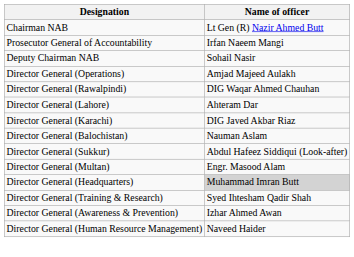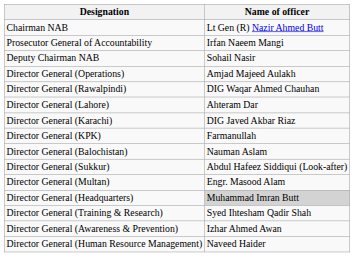 <table class="wikitable">
 <tr>
 <th align=center>Designation</th>
 <th align=center>Name of officer</th>
 </tr>
 <tr>
 <td>Chairman NAB</td>
 <td>Lt Gen (R) <a href='#'>Nazir Ahmed Butt</a></td>
 </tr>
 <tr>
 <td>Prosecutor General of Accountability</td>
 <td>Irfan Naeem Mangi </td>
 </tr>
 <tr>
 <td>Deputy Chairman NAB</td>
 <td>Sohail Nasir</td>
 </tr>
 <tr>
 <td>Director General (Operations)</td>
 <td>Amjad Majeed Aulakh </td>
 </tr>
 <tr>
 <td>Director General (Rawalpindi)</td>
 <td>DIG Waqar Ahmed Chauhan</td>
 </tr>
 <tr>
 <td>Director General (Lahore)</td>
 <td>Ahteram Dar </td>
 </tr>
 <tr>
 <td>Director General (Karachi)</td>
 <td>DIG Javed Akbar Riaz </td>
 </tr>
 <tr>
+<td>Director General (KPK)</td>
+<td>Farmanullah</td>
+</tr>
+<tr>
 <td>Director General (Balochistan)</td>
 <td>Nauman Aslam </td>
 </tr>
 <tr>
 <td>Director General (Sukkur)</td>
 <td>Abdul Hafeez Siddiqui (Look-after)</td>
 </tr>
 <tr>
 <td>Director General (Multan)</td>
 <td>Engr. Masood Alam </td>
 </tr>
 <tr>
 <td>Director General (Headquarters)</td>
 <td style="background: lightgrey;">Muhammad Imran Butt</td>
 </tr>
 <tr>
 <td>Director General (Training & Research)</td>
 <td>Syed Ihtesham Qadir Shah</td>
 </tr>
 <tr>
 <td>Director General (Awareness & Prevention)</td>
 <td>Izhar Ahmed Awan</td>
 </tr>
 <tr>
 <td>Director General (Human Resource Management)</td>
 <td>Naveed Haider </td>
 </tr>
 </table>
